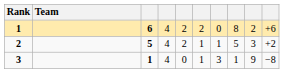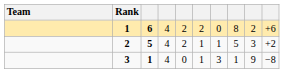 <table class="wikitable" style="text-align: center;">
 <tr>
+<th width=165 style="text-align:left;">Team</th>
 <th width=30>Rank</th>
-<th width=165 style="text-align:left;">Team</th>
 <th width=20></th>
 <th width=20></th>
 <th width=20></th>
 <th width=20></th>
 <th width=20></th>
 <th width=20></th>
 <th width=20></th>
 <th width=20></th>
 </tr>
 <tr style="background:#ffebad;">
+<td style="text-align:left;"></td>
 <td><strong>1</strong></td>
-<td style="text-align:left;"></td>
 <td><strong>6</strong></td>
 <td>4</td>
 <td>2</td>
 <td>2</td>
 <td>0</td>
 <td>8</td>
 <td>2</td>
 <td>+6</td>
 </tr>
 <tr>
+<td style="text-align:left;"></td>
 <td><strong>2</strong></td>
-<td style="text-align:left;"></td>
 <td><strong>5</strong></td>
 <td>4</td>
 <td>2</td>
 <td>1</td>
 <td>1</td>
 <td>5</td>
 <td>3</td>
 <td>+2</td>
 </tr>
 <tr>
+<td style="text-align:left;"></td>
 <td><strong>3</strong></td>
-<td style="text-align:left;"></td>
 <td><strong>1</strong></td>
 <td>4</td>
 <td>0</td>
 <td>1</td>
 <td>3</td>
 <td>1</td>
 <td>9</td>
 <td>−8</td>
 </tr>
 </table>
